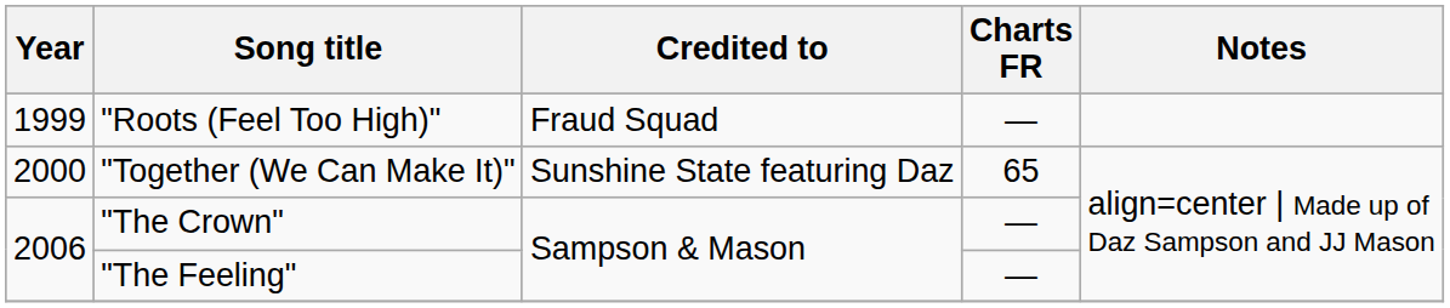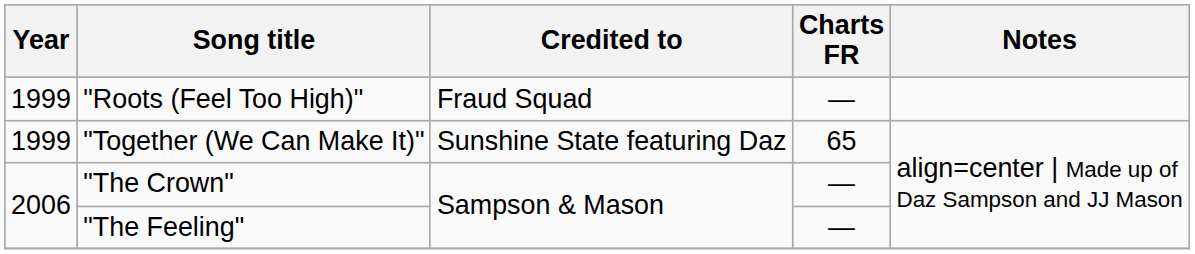 <table class="wikitable">
 <tr>
 <th>Year</th>
 <th>Song title</th>
 <th>Credited to</th>
 <th>Charts <br>FR</th>
 <th>Notes</th>
 </tr>
 <tr>
 <td>1999</td>
 <td>"Roots (Feel Too High)"</td>
 <td>Fraud Squad</td>
 <td align=center>—</td>
 <td></td>
 </tr>
 <tr>
-<td>2000</td>
+<td>1999</td>
 <td>"Together (We Can Make It)"</td>
 <td>Sunshine State featuring Daz</td>
 <td align=center>65<br></td>
 <td rowspan=3>align=center | <small>Made up of <br>Daz Sampson and JJ Mason</small></td>
 </tr>
 <tr>
 <td rowspan=2>2006</td>
 <td>"The Crown"</td>
 <td rowspan=2>Sampson & Mason</td>
 <td align=center>—</td>
 </tr>
 <tr>
 <td>"The Feeling"</td>
 <td align=center>—</td>
 </tr>
 <tr>
 </tr>
 </table>
